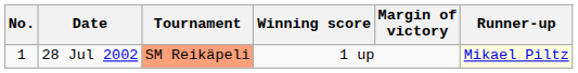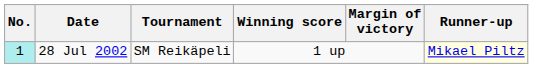 <table class="wikitable" style="font-size:95%;">
 <tr>
 <th>No.</th>
 <th>Date</th>
 <th>Tournament</th>
 <th>Winning score</th>
 <th>Margin of<br>victory</th>
 <th>Runner-up</th>
 </tr>
 <tr>
-<td align=center>1</td>
+<td align=center style="background: paleturquoise;">1</td>
 <td align=right>28 Jul <a href='#'>2002</a></td>
-<td style="background: lightsalmon;">SM Reikäpeli</td>
+<td>SM Reikäpeli</td>
 <td colspan=2 align=center>1 up</td>
 <td style="background: lightyellow;"> <a href='#'>Mikael Piltz</a></td>
 </tr>
 </table>
